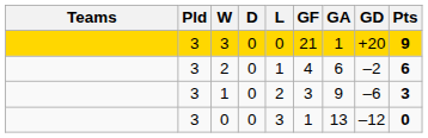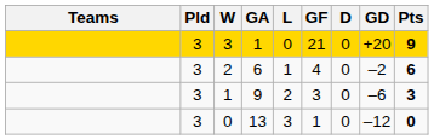 <table class="wikitable" style="text-align: center;">
 <tr>
 <th width=165>Teams</th>
 <th width=20>Pld</th>
 <th width=20>W</th>
-<th width=20>D</th>
+<th width=20>GA</th>
 <th width=20>L</th>
 <th width=20>GF</th>
-<th width=20>GA</th>
+<th width=20>D</th>
 <th width=20>GD</th>
 <th width=20>Pts</th>
 </tr>
 <tr align=center style="background:gold">
 <td style="text-align:left;"></td>
 <td>3</td>
 <td>3</td>
-<td>0</td>
+<td>1</td>
 <td>0</td>
 <td>21</td>
-<td>1</td>
+<td>0</td>
 <td>+20</td>
 <td><strong>9</strong></td>
 </tr>
 <tr align=center>
 <td style="text-align:left;"></td>
 <td>3</td>
 <td>2</td>
-<td>0</td>
+<td>6</td>
 <td>1</td>
 <td>4</td>
-<td>6</td>
+<td>0</td>
 <td>–2</td>
 <td><strong>6</strong></td>
 </tr>
 <tr align=center>
 <td style="text-align:left;"></td>
 <td>3</td>
 <td>1</td>
-<td>0</td>
+<td>9</td>
 <td>2</td>
 <td>3</td>
-<td>9</td>
+<td>0</td>
 <td>–6</td>
 <td><strong>3</strong></td>
 </tr>
 <tr align=center>
 <td style="text-align:left;"></td>
 <td>3</td>
 <td>0</td>
-<td>0</td>
+<td>13</td>
 <td>3</td>
 <td>1</td>
-<td>13</td>
+<td>0</td>
 <td>–12</td>
 <td><strong>0</strong></td>
 </tr>
 </table>
